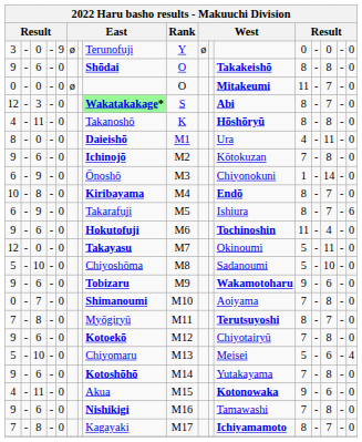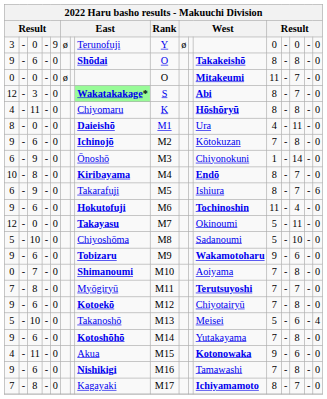 <table class="wikitable" style="text-align:center">
 <tr>
 <th colspan="17">2022 Haru basho results - Makuuchi Division</th>
 </tr>
 <tr>
 <th colspan="5">Result</th>
 <th colspan="3">East</th>
 <th>Rank</th>
 <th colspan="3">West</th>
 <th colspan="5">Result</th>
 </tr>
 <tr>
 <td>3</td>
 <td>-</td>
 <td>0</td>
 <td>-</td>
 <td>9</td>
 <td>ø</td>
 <td></td>
 <td style="text-align:left"><a href='#'>Terunofuji</a></td>
 <td><a href='#'>Y</a></td>
 <td>ø</td>
 <td></td>
 <td></td>
 <td>0</td>
 <td>-</td>
 <td>0</td>
 <td>-</td>
 <td>0</td>
 </tr>
 <tr>
 <td>9</td>
 <td>-</td>
 <td>6</td>
 <td>-</td>
 <td>0</td>
 <td></td>
 <td></td>
 <td style="text-align:left"><strong><a href='#'>Shōdai</a></strong></td>
 <td><a href='#'>O</a></td>
 <td></td>
 <td></td>
 <td style="text-align:left;"><strong><a href='#'>Takakeishō</a></strong></td>
 <td>8</td>
 <td>-</td>
 <td>8</td>
 <td>-</td>
 <td>0</td>
 </tr>
 <tr>
 <td>0</td>
 <td>-</td>
 <td>0</td>
 <td>-</td>
 <td>0</td>
 <td>ø</td>
 <td></td>
 <td></td>
 <td>O</td>
 <td></td>
 <td></td>
 <td style="text-align:left;"><strong><a href='#'>Mitakeumi</a></strong></td>
 <td>11</td>
 <td>-</td>
 <td>7</td>
 <td>-</td>
 <td>0</td>
 </tr>
 <tr>
 <td>12</td>
 <td>-</td>
 <td>3</td>
 <td>-</td>
 <td>0</td>
 <td></td>
 <td></td>
 <td style="text-align:left;background: PaleGreen;"><strong><a href='#'>Wakatakakage</a>*</strong></td>
 <td><a href='#'>S</a></td>
 <td></td>
 <td></td>
 <td style="text-align:left;"><strong><a href='#'>Abi</a></strong></td>
 <td>8</td>
 <td>-</td>
 <td>7</td>
 <td>-</td>
 <td>0</td>
 </tr>
 <tr>
 <td>4</td>
 <td>-</td>
 <td>11</td>
 <td>-</td>
 <td>0</td>
 <td></td>
 <td></td>
-<td style="text-align:left;"><a href='#'>Takanoshō</a></td>
+<td style="text-align:left;"><a href='#'>Chiyomaru</a></td>
 <td><a href='#'>K</a></td>
 <td></td>
 <td></td>
 <td style="text-align:left;"><strong><a href='#'>Hōshōryū</a></strong></td>
 <td>8</td>
 <td>-</td>
 <td>8</td>
 <td>-</td>
 <td>0</td>
 </tr>
 <tr>
 <td>8</td>
 <td>-</td>
 <td>0</td>
 <td>-</td>
 <td>0</td>
 <td></td>
 <td></td>
 <td style="text-align:left;"><strong><a href='#'>Daieishō</a></strong></td>
 <td><a href='#'>M1</a></td>
 <td></td>
 <td></td>
 <td style="text-align:left;"><a href='#'>Ura</a></td>
 <td>4</td>
 <td>-</td>
 <td>11</td>
 <td>-</td>
 <td>0</td>
 </tr>
 <tr>
 <td>9</td>
 <td>-</td>
 <td>6</td>
 <td>-</td>
 <td>0</td>
 <td></td>
 <td></td>
 <td style="text-align:left;"><strong><a href='#'>Ichinojō</a></strong></td>
 <td>M2</td>
 <td></td>
 <td></td>
 <td style="text-align:left;"><a href='#'>Kōtokuzan</a></td>
 <td>7</td>
 <td>-</td>
 <td>8</td>
 <td>-</td>
 <td>0</td>
 </tr>
 <tr>
 <td>6</td>
 <td>-</td>
 <td>9</td>
 <td>-</td>
 <td>0</td>
 <td></td>
 <td></td>
 <td style="text-align:left;"><a href='#'>Ōnoshō</a></td>
 <td>M3</td>
 <td></td>
 <td></td>
 <td style="text-align:left;"><a href='#'>Chiyonokuni</a></td>
 <td>1</td>
 <td>-</td>
 <td>14</td>
 <td>-</td>
 <td>0</td>
 </tr>
 <tr>
 <td>10</td>
 <td>-</td>
 <td>8</td>
 <td>-</td>
 <td>0</td>
 <td></td>
 <td></td>
 <td style="text-align:left;"><strong><a href='#'>Kiribayama</a> </strong></td>
 <td>M4</td>
 <td></td>
 <td></td>
 <td style="text-align:left;"><strong><a href='#'>Endō</a></strong></td>
 <td>8</td>
 <td>-</td>
 <td>7</td>
 <td>-</td>
 <td>0</td>
 </tr>
 <tr>
 <td>6</td>
 <td>-</td>
 <td>9</td>
 <td>-</td>
 <td>0</td>
 <td></td>
 <td></td>
 <td style="text-align:left;"><a href='#'>Takarafuji</a></td>
 <td>M5</td>
 <td></td>
 <td></td>
 <td style="text-align:left;"><a href='#'>Ishiura</a></td>
 <td>8</td>
 <td>-</td>
 <td>7</td>
 <td>-</td>
 <td>6</td>
 </tr>
 <tr>
 <td>9</td>
 <td>-</td>
 <td>6</td>
 <td>-</td>
 <td>0</td>
 <td></td>
 <td></td>
 <td style="text-align:left;"><strong><a href='#'>Hokutofuji</a></strong></td>
 <td>M6</td>
 <td></td>
 <td></td>
 <td style="text-align:left;"><strong><a href='#'>Tochinoshin</a></strong></td>
 <td>11</td>
 <td>-</td>
 <td>4</td>
 <td>-</td>
 <td>0</td>
 </tr>
 <tr>
 <td>12</td>
 <td>-</td>
 <td>0</td>
 <td>-</td>
 <td>0</td>
 <td></td>
 <td></td>
 <td style="text-align:left;"><strong><a href='#'>Takayasu</a></strong></td>
 <td>M7</td>
 <td></td>
 <td></td>
 <td style="text-align:left;"><a href='#'>Okinoumi</a></td>
 <td>5</td>
 <td>-</td>
 <td>11</td>
 <td>-</td>
 <td>0</td>
 </tr>
 <tr>
 <td>5</td>
 <td>-</td>
 <td>10</td>
 <td>-</td>
 <td>0</td>
 <td></td>
 <td></td>
 <td style="text-align:left;"><a href='#'>Chiyoshōma</a></td>
 <td>M8</td>
 <td></td>
 <td></td>
 <td style="text-align:left;"><a href='#'>Sadanoumi</a></td>
 <td>5</td>
 <td>-</td>
 <td>10</td>
 <td>-</td>
 <td>0</td>
 </tr>
 <tr>
 <td>9</td>
 <td>-</td>
 <td>6</td>
 <td>-</td>
 <td>0</td>
 <td></td>
 <td></td>
 <td style="text-align:left;"><strong><a href='#'>Tobizaru</a></strong></td>
 <td>M9</td>
 <td></td>
 <td></td>
 <td style="text-align:left;"><strong><a href='#'>Wakamotoharu</a></strong></td>
 <td>9</td>
 <td>-</td>
 <td>6</td>
 <td>-</td>
 <td>0</td>
 </tr>
 <tr>
 <td>0</td>
 <td>-</td>
 <td>7</td>
 <td>-</td>
 <td>0</td>
 <td></td>
 <td></td>
 <td style="text-align:left;"><strong><a href='#'>Shimanoumi</a></strong></td>
 <td>M10</td>
 <td></td>
 <td></td>
 <td style="text-align:left;"><a href='#'>Aoiyama</a></td>
 <td>7</td>
 <td>-</td>
 <td>8</td>
 <td>-</td>
 <td>0</td>
 </tr>
 <tr>
 <td>7</td>
 <td>-</td>
 <td>8</td>
 <td>-</td>
 <td>0</td>
 <td></td>
 <td></td>
 <td style="text-align:left;"><a href='#'>Myōgiryū</a></td>
 <td>M11</td>
 <td></td>
 <td></td>
 <td style="text-align:left;"><strong><a href='#'>Terutsuyoshi</a></strong></td>
-<td>8</td>
+<td>7</td>
 <td>-</td>
 <td>7</td>
 <td>-</td>
 <td>0</td>
 </tr>
 <tr>
 <td>9</td>
 <td>-</td>
 <td>6</td>
 <td>-</td>
 <td>0</td>
 <td></td>
 <td></td>
 <td style="text-align:left;"><strong><a href='#'>Kotoekō</a></strong></td>
 <td>M12</td>
 <td></td>
 <td></td>
 <td style="text-align:left;"><a href='#'>Chiyotairyū</a></td>
 <td>7</td>
 <td>-</td>
 <td>8</td>
 <td>-</td>
 <td>0</td>
 </tr>
 <tr>
 <td>5</td>
 <td>-</td>
 <td>10</td>
 <td>-</td>
 <td>0</td>
 <td></td>
 <td></td>
-<td style="text-align:left;"><a href='#'>Chiyomaru</a></td>
+<td style="text-align:left;"><a href='#'>Takanoshō</a></td>
 <td>M13</td>
 <td></td>
 <td></td>
 <td style="text-align:left;"><a href='#'>Meisei</a></td>
 <td>5</td>
 <td>-</td>
 <td>6</td>
 <td>-</td>
 <td>4</td>
 </tr>
 <tr>
 <td>9</td>
 <td>-</td>
 <td>6</td>
 <td>-</td>
 <td>0</td>
 <td></td>
 <td></td>
 <td style="text-align:left;"><strong><a href='#'>Kotoshōhō</a></strong></td>
 <td>M14</td>
 <td></td>
 <td></td>
 <td style="text-align:left;"><a href='#'>Yutakayama</a></td>
 <td>7</td>
 <td>-</td>
 <td>8</td>
 <td>-</td>
 <td>0</td>
 </tr>
 <tr>
 <td>4</td>
 <td>-</td>
 <td>11</td>
 <td>-</td>
 <td>0</td>
 <td></td>
 <td></td>
 <td style="text-align:left;"><a href='#'>Akua</a></td>
 <td>M15</td>
 <td></td>
 <td></td>
 <td style="text-align:left;"><strong><a href='#'>Kotonowaka</a></strong></td>
 <td>9</td>
 <td>-</td>
 <td>6</td>
 <td>-</td>
 <td>0</td>
 </tr>
 <tr>
 <td>9</td>
 <td>-</td>
 <td>6</td>
 <td>-</td>
 <td>0</td>
 <td></td>
 <td></td>
 <td style="text-align:left;"><strong><a href='#'>Nishikigi</a></strong></td>
 <td>M16</td>
 <td></td>
 <td></td>
 <td style="text-align:left;"><a href='#'>Tamawashi</a></td>
 <td>7</td>
 <td>-</td>
 <td>8</td>
 <td>-</td>
 <td>0</td>
 </tr>
 <tr>
 <td>7</td>
 <td>-</td>
 <td>8</td>
 <td>-</td>
 <td>0</td>
 <td></td>
 <td></td>
 <td style="text-align:left;"><a href='#'>Kagayaki</a></td>
 <td>M17</td>
 <td></td>
 <td></td>
 <td style="text-align:left;"><strong><a href='#'>Ichiyamamoto</a></strong></td>
 <td>8</td>
 <td>-</td>
 <td>7</td>
 <td>-</td>
 <td>0</td>
 </tr>
 <tr>
 </tr>
 </table>
